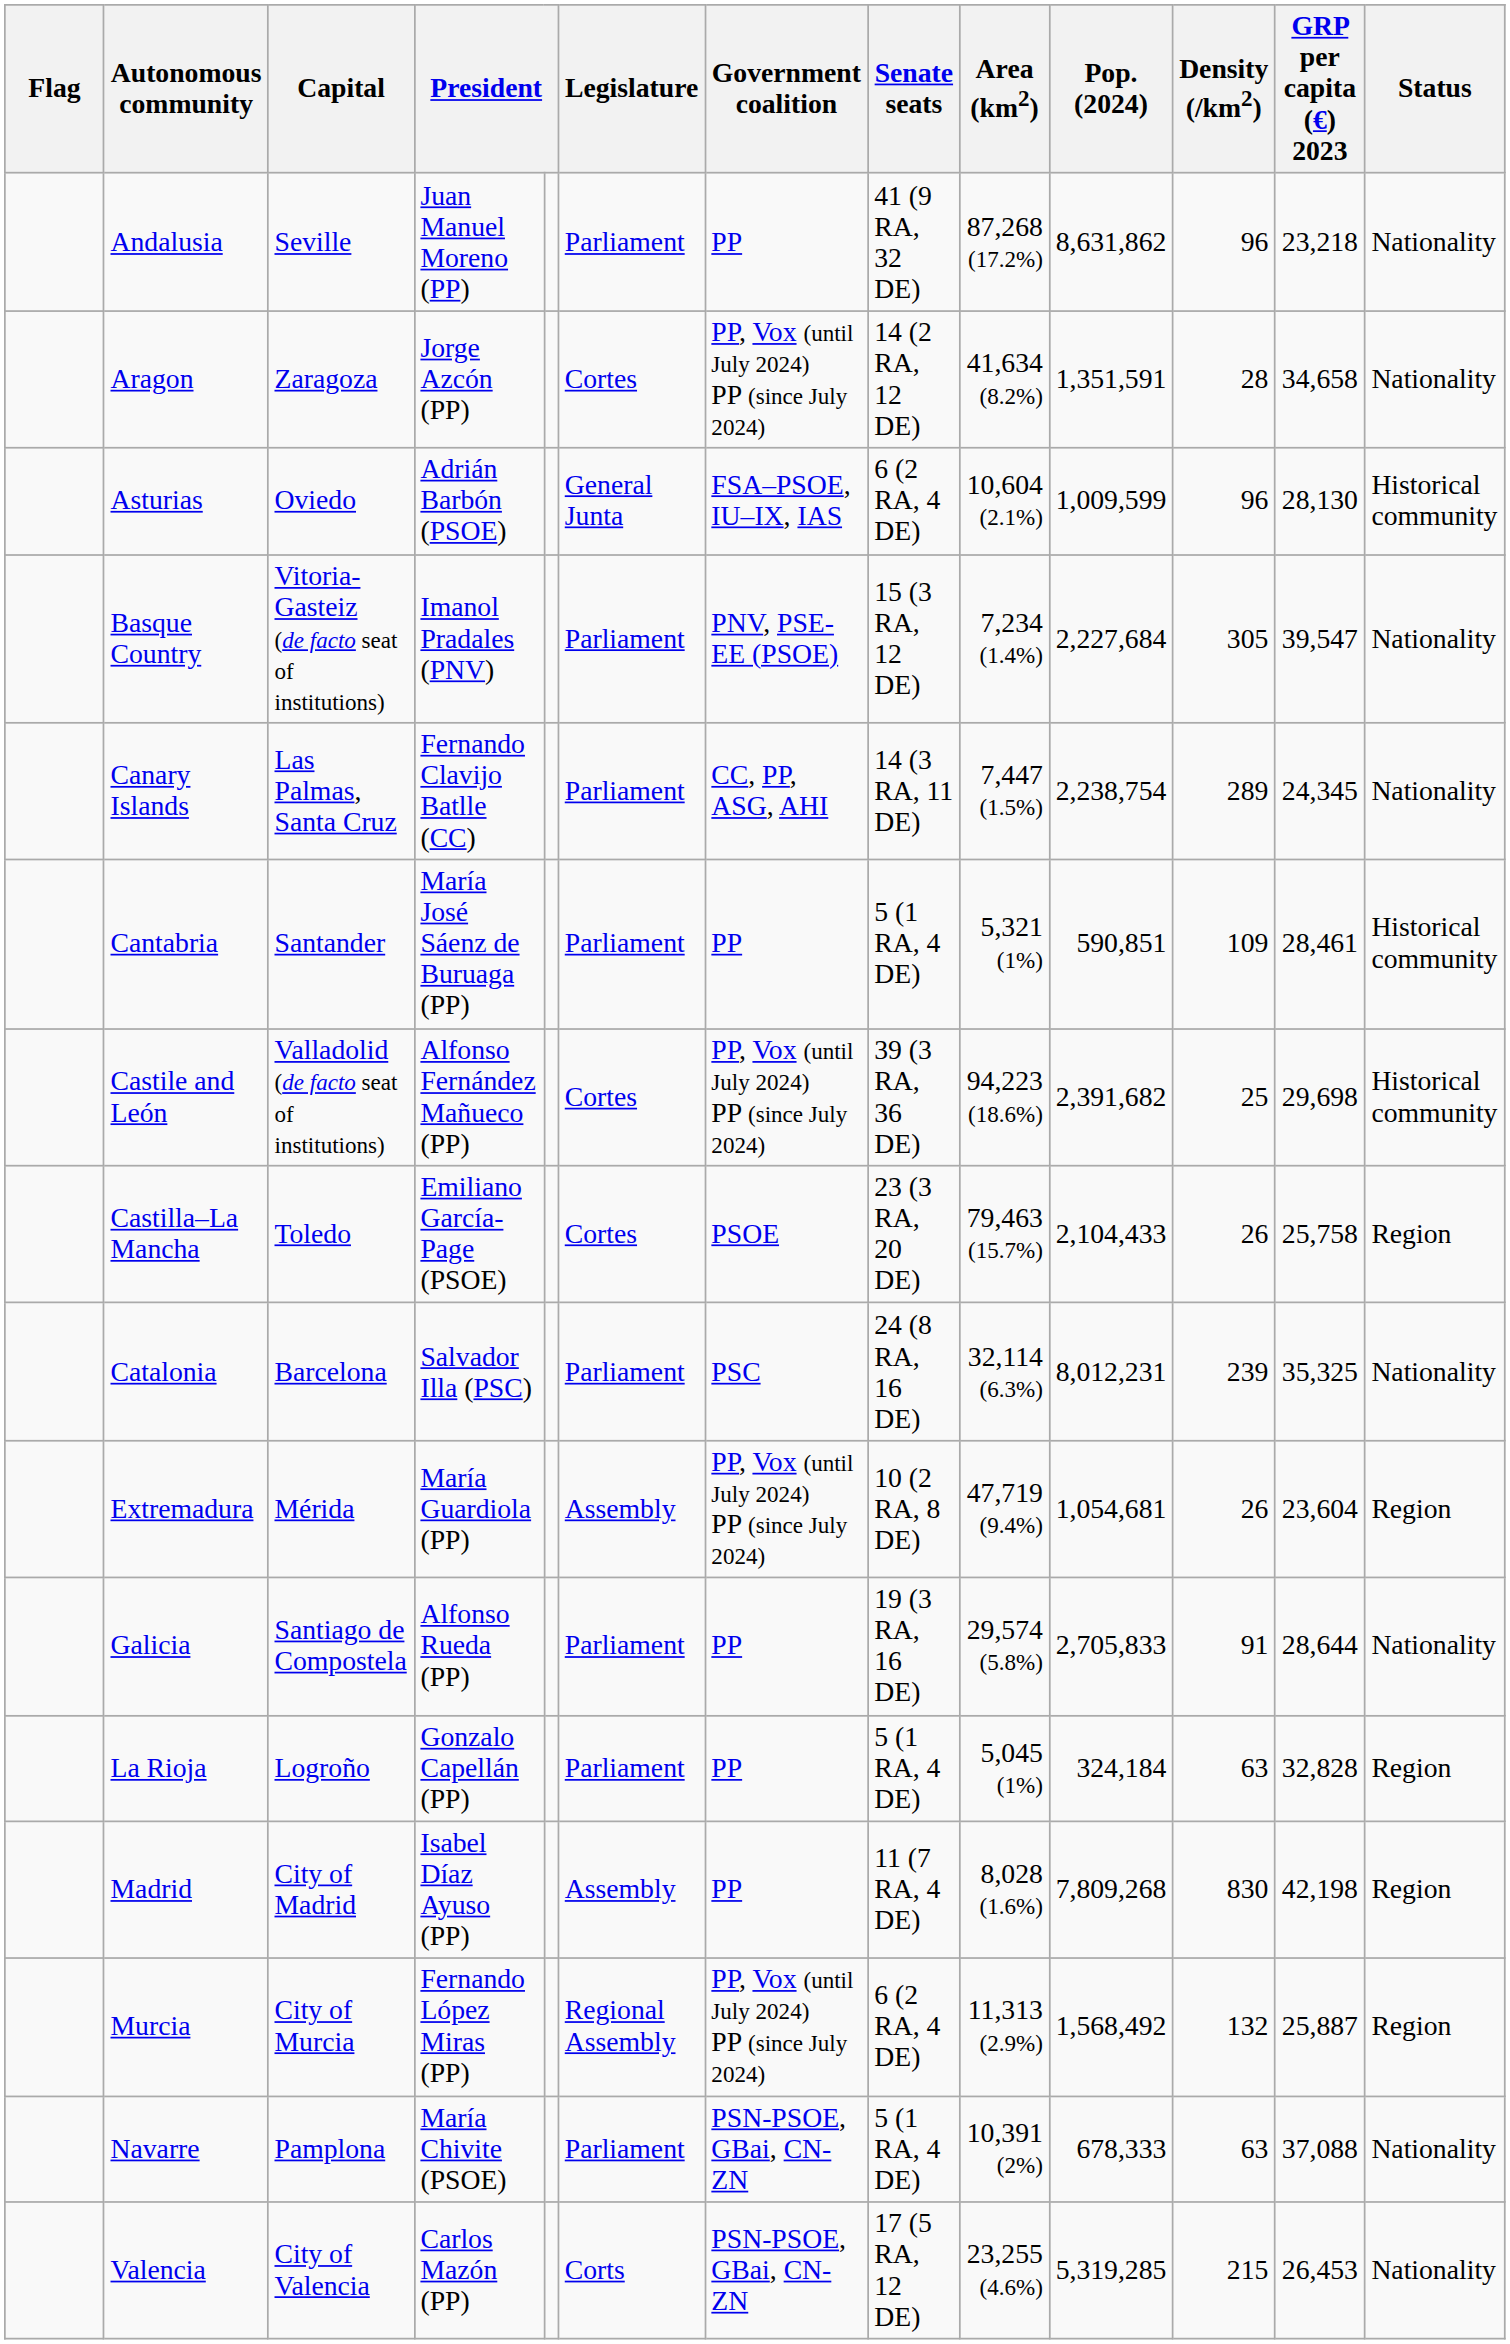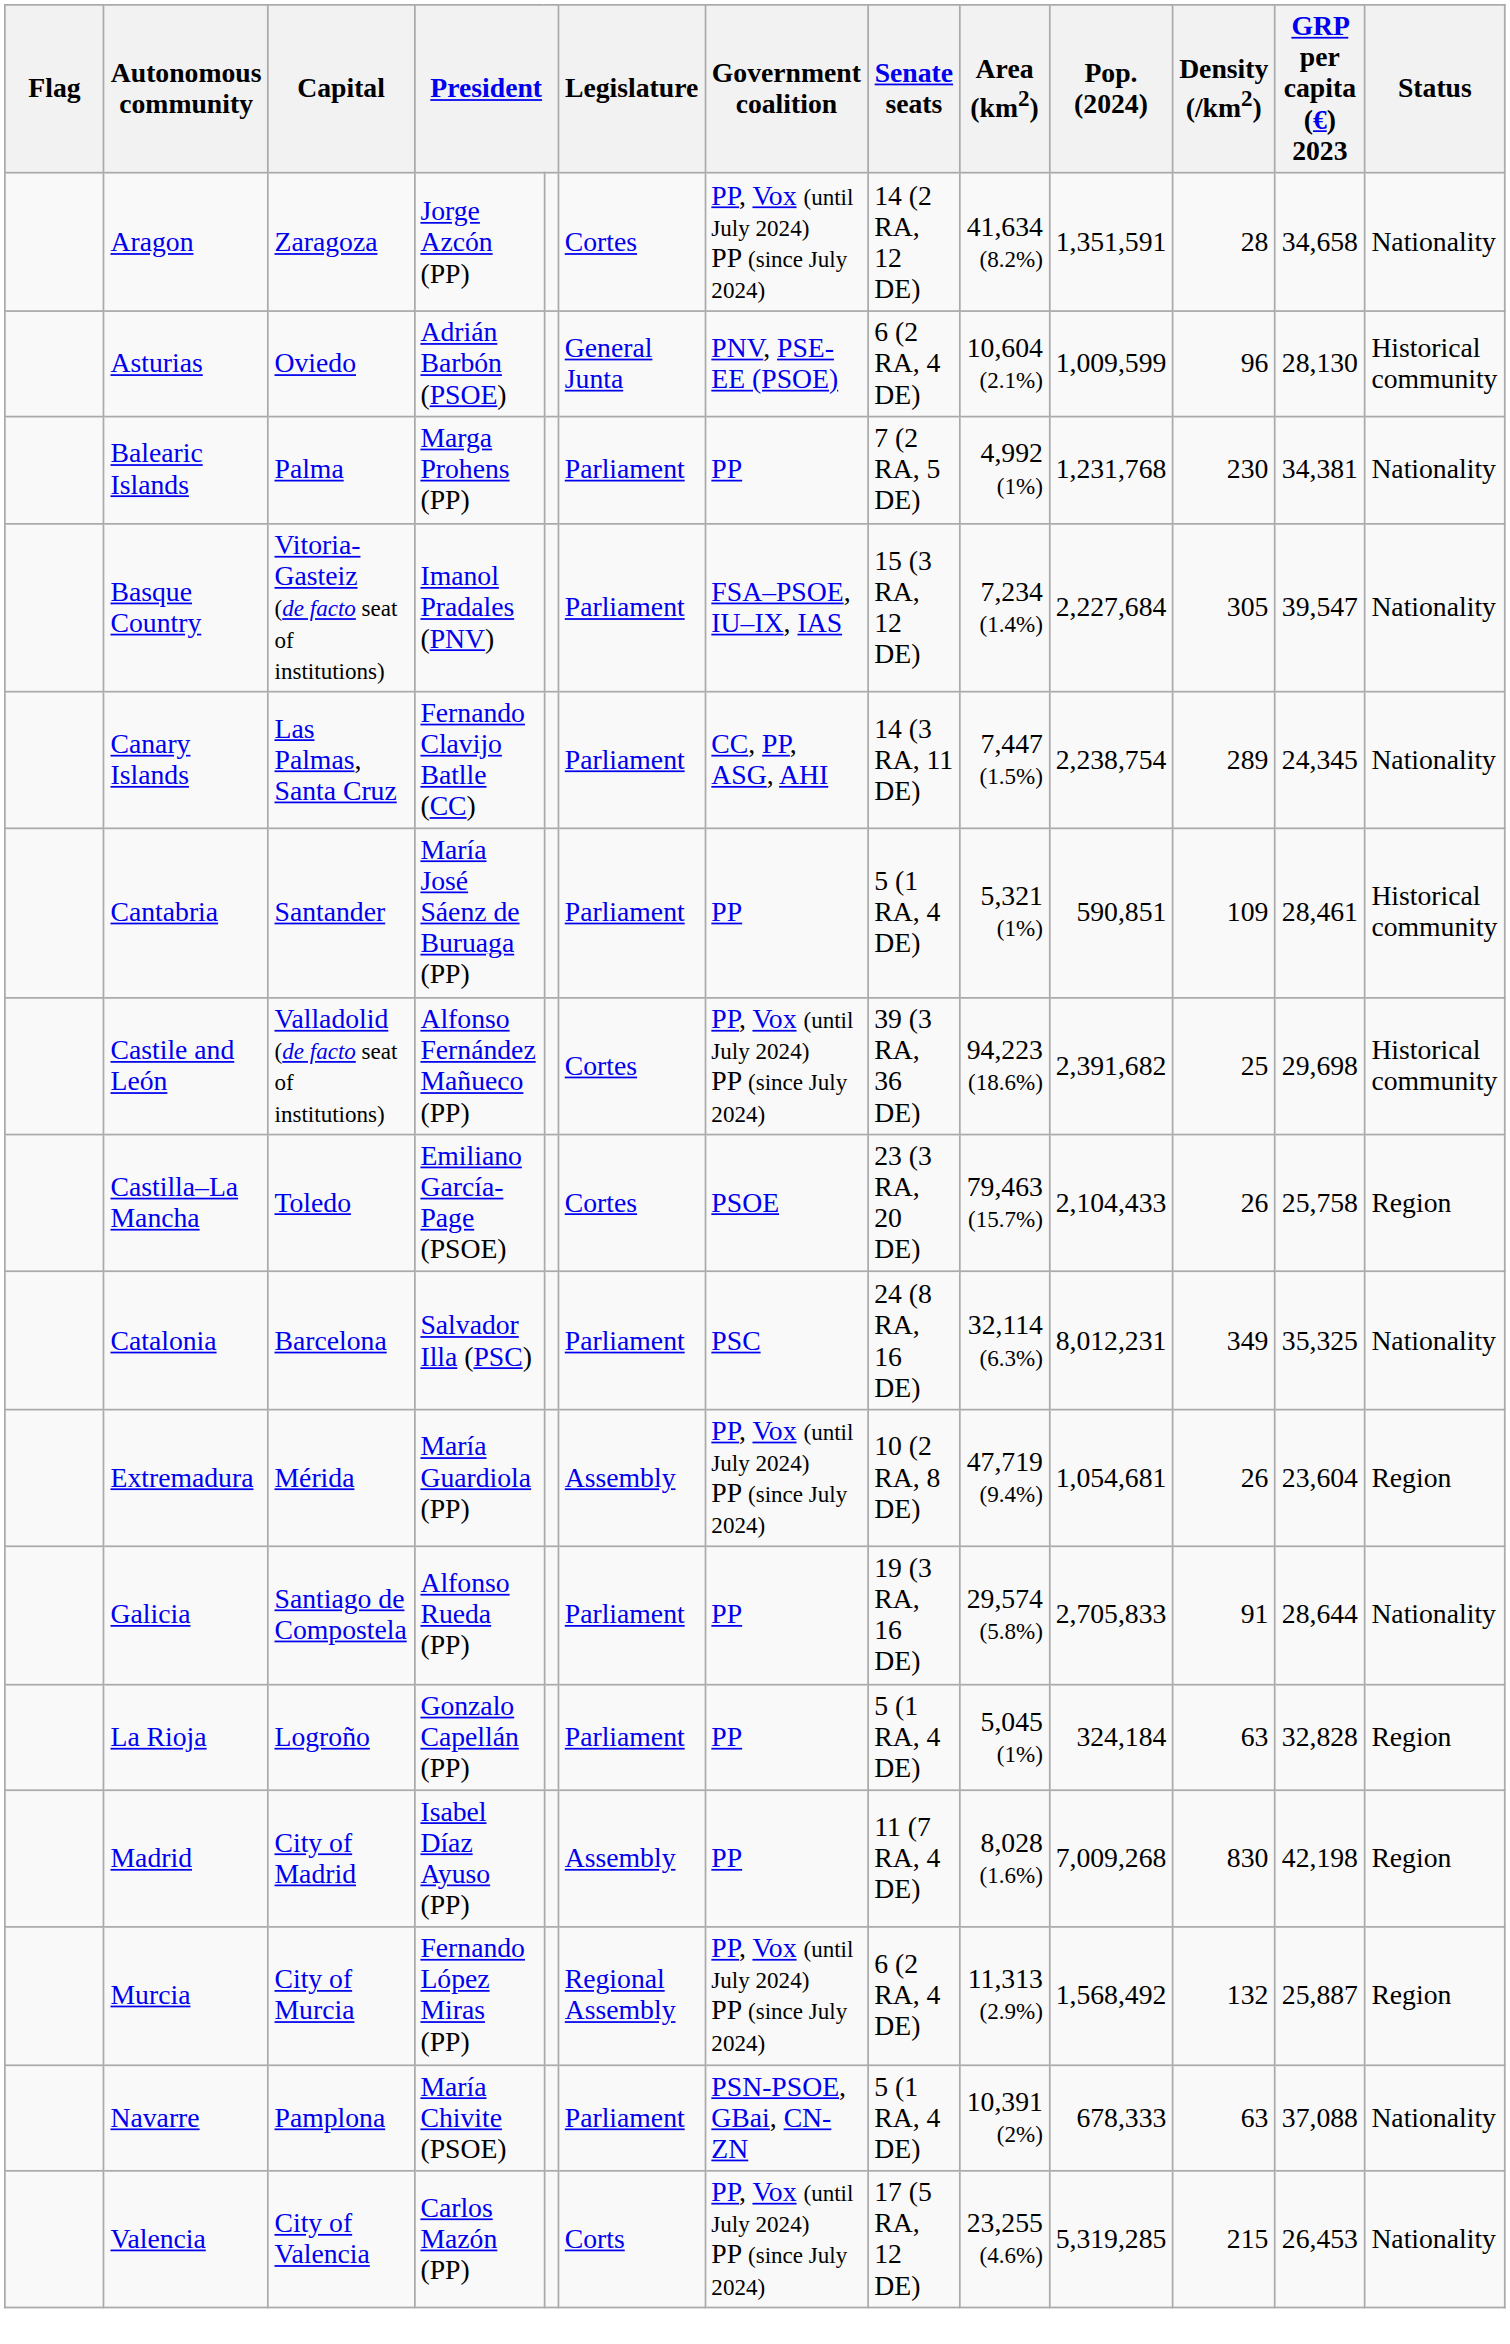 <table class="wikitable sortable mw-datatable">
 <tr>
 <th class="unsortable" style="width:50px">Flag</th>
 <th>Autonomous<br>community</th>
 <th>Capital</th>
 <th colspan="2"><a href='#'>President</a></th>
 <th>Legislature</th>
 <th>Government<br>coalition</th>
 <th><a href='#'>Senate</a><br>seats</th>
 <th>Area<br>(km<sup>2</sup>)</th>
 <th>Pop.<br>(2024)</th>
 <th>Density<br>(/km<sup>2</sup>)</th>
 <th><a href='#'>GRP</a> per capita (<a href='#'>€</a>) 2023</th>
 <th>Status</th>
-</tr>
-<tr>
-<td align="center"></td>
-<td><a href='#'>Andalusia</a></td>
-<td><a href='#'>Seville</a></td>
-<td><a href='#'>Juan Manuel Moreno</a> (<a href='#'>PP</a>)</td>
-<td width="1" style="color:inherit;background:"></td>
-<td><a href='#'>Parliament</a></td>
-<td><a href='#'>PP</a></td>
-<td>41 (9 RA, 32 DE)</td>
-<td align="right">87,268 <small>(17.2%)</small></td>
-<td align="right">8,631,862</td>
-<td align="right">96</td>
-<td align="center">23,218</td>
-<td>Nationality</td>
 </tr>
 <tr>
 <td align="center"></td>
 <td><a href='#'>Aragon</a></td>
 <td><a href='#'>Zaragoza</a></td>
 <td><a href='#'>Jorge Azcón</a> (PP)</td>
 <td width="1" style="color:inherit;background:"></td>
 <td><a href='#'>Cortes</a></td>
 <td><a href='#'>PP</a>, <a href='#'>Vox</a> <small>(until July 2024)</small><br>PP <small>(since July 2024)</small></td>
 <td>14 (2 RA, 12 DE)</td>
 <td align="right">41,634 <small>(8.2%)</small></td>
 <td style="text-align:right">1,351,591</td>
 <td align="right">28</td>
 <td align="center">34,658</td>
 <td>Nationality</td>
 </tr>
 <tr>
 <td align="center"></td>
 <td><a href='#'>Asturias</a></td>
 <td><a href='#'>Oviedo</a></td>
 <td><a href='#'>Adrián Barbón</a> (<a href='#'>PSOE</a>)</td>
 <td width="1" style="color:inherit;background:"></td>
 <td><a href='#'>General Junta</a></td>
-<td><a href='#'>FSA–PSOE</a>, <a href='#'>IU–IX</a>, <a href='#'>IAS</a></td>
+<td><a href='#'>PNV</a>, <a href='#'>PSE-EE (PSOE)</a></td>
 <td>6 (2 RA, 4 DE)</td>
 <td align="right">10,604 <small>(2.1%)</small></td>
 <td style="text-align:right">1,009,599</td>
 <td align="right">96</td>
 <td align="center">28,130</td>
 <td>Historical community</td>
 </tr>
 <tr>
 <td align="center"></td>
+<td><a href='#'>Balearic Islands</a></td>
+<td><a href='#'>Palma</a></td>
+<td><a href='#'>Marga Prohens</a> (PP)</td>
+<td width="1" style="color:inherit;background:"></td>
+<td><a href='#'>Parliament</a></td>
+<td><a href='#'>PP</a></td>
+<td>7 (2 RA, 5 DE)</td>
+<td align="right">4,992 <small>(1%)</small></td>
+<td style="text-align:right">1,231,768</td>
+<td align="right">230</td>
+<td align="center">34,381</td>
+<td>Nationality</td>
+</tr>
+<tr>
+<td align="center"></td>
 <td><a href='#'>Basque Country</a></td>
 <td><a href='#'>Vitoria-Gasteiz</a><br><small>(<em><a href='#'>de facto</a></em> seat of institutions)</small></td>
 <td><a href='#'>Imanol Pradales</a> (<a href='#'>PNV</a>)</td>
 <td width="1" style="color:inherit;background:"></td>
 <td><a href='#'>Parliament</a></td>
-<td><a href='#'>PNV</a>, <a href='#'>PSE-EE (PSOE)</a></td>
+<td><a href='#'>FSA–PSOE</a>, <a href='#'>IU–IX</a>, <a href='#'>IAS</a></td>
 <td>15 (3 RA, 12 DE)</td>
 <td align="right">7,234 <small>(1.4%)</small></td>
 <td style="text-align:right">2,227,684</td>
 <td align="right">305</td>
 <td align="center">39,547</td>
 <td>Nationality</td>
 </tr>
 <tr>
 <td align="center"></td>
 <td><a href='#'>Canary Islands</a></td>
 <td><a href='#'>Las Palmas</a>,<br><a href='#'>Santa Cruz</a></td>
 <td><a href='#'>Fernando Clavijo Batlle</a> (<a href='#'>CC</a>)</td>
 <td width="1" style="color:inherit;background:"></td>
 <td><a href='#'>Parliament</a></td>
 <td><a href='#'>CC</a>, <a href='#'>PP</a>, <a href='#'>ASG</a>, <a href='#'>AHI</a></td>
 <td>14 (3 RA, 11 DE)</td>
 <td align="right">7,447 <small>(1.5%)</small></td>
 <td style="text-align:right">2,238,754</td>
 <td align="right">289</td>
 <td align="center">24,345</td>
 <td>Nationality</td>
 </tr>
 <tr>
 <td align="center"></td>
 <td><a href='#'>Cantabria</a></td>
 <td><a href='#'>Santander</a></td>
 <td><a href='#'>María José Sáenz de Buruaga</a> (PP)</td>
 <td width="1" style="color:inherit;background:"></td>
 <td><a href='#'>Parliament</a></td>
 <td><a href='#'>PP</a></td>
 <td>5 (1 RA, 4 DE)</td>
 <td align="right">5,321 <small>(1%)</small></td>
 <td style="text-align:right">590,851</td>
 <td align="right">109</td>
 <td align="center">28,461</td>
 <td>Historical community</td>
 </tr>
 <tr>
 <td align="center"></td>
 <td><a href='#'>Castile and León</a></td>
 <td><a href='#'>Valladolid</a><br><small>(<em><a href='#'>de facto</a></em> seat of institutions)</small></td>
 <td><a href='#'>Alfonso Fernández Mañueco</a> (PP)</td>
 <td width="1" style="color:inherit;background:"></td>
 <td><a href='#'>Cortes</a></td>
 <td><a href='#'>PP</a>, <a href='#'>Vox</a> <small>(until July 2024)</small><br>PP <small>(since July 2024)</small></td>
 <td>39 (3 RA, 36 DE)</td>
 <td align="right">94,223 <small>(18.6%)</small></td>
 <td style="text-align:right">2,391,682</td>
 <td align="right">25</td>
 <td align="center">29,698</td>
 <td>Historical community</td>
 </tr>
 <tr>
 <td align="center"></td>
 <td><a href='#'>Castilla–La Mancha</a></td>
 <td><a href='#'>Toledo</a></td>
 <td><a href='#'>Emiliano García-Page</a> (PSOE)</td>
 <td width="1" style="color:inherit;background:"></td>
 <td><a href='#'>Cortes</a></td>
 <td><a href='#'>PSOE</a></td>
 <td>23 (3 RA, 20 DE)</td>
 <td align="right">79,463 <small>(15.7%)</small></td>
 <td style="text-align:right">2,104,433</td>
 <td align="right">26</td>
 <td align="center">25,758</td>
 <td>Region</td>
 </tr>
 <tr>
 <td align="center"></td>
 <td><a href='#'>Catalonia</a></td>
 <td><a href='#'>Barcelona</a></td>
 <td><a href='#'>Salvador Illa</a> (<a href='#'>PSC</a>)</td>
 <td width="1" style="color:inherit;background:"></td>
 <td><a href='#'>Parliament</a></td>
 <td><a href='#'>PSC</a></td>
 <td>24 (8 RA, 16 DE)</td>
 <td align="right">32,114 <small>(6.3%)</small></td>
 <td style="text-align:right">8,012,231</td>
-<td align="right">239</td>
+<td align="right">349</td>
 <td align="center">35,325</td>
 <td>Nationality</td>
 </tr>
 <tr>
 <td align="center"></td>
 <td><a href='#'>Extremadura</a></td>
 <td><a href='#'>Mérida</a></td>
 <td><a href='#'>María Guardiola</a> (PP)</td>
 <td width="1" style="color:inherit;background:"></td>
 <td><a href='#'>Assembly</a></td>
 <td><a href='#'>PP</a>, <a href='#'>Vox</a> <small>(until July 2024)</small><br>PP <small>(since July 2024)</small></td>
 <td>10 (2 RA, 8 DE)</td>
 <td align="right">47,719 <small>(9.4%)</small></td>
 <td style="text-align:right">1,054,681</td>
 <td align="right">26</td>
 <td align="center">23,604</td>
 <td>Region</td>
 </tr>
 <tr>
 <td align="center"></td>
 <td><a href='#'>Galicia</a></td>
 <td><a href='#'>Santiago de Compostela</a></td>
 <td><a href='#'>Alfonso Rueda</a> (PP)</td>
 <td width="1" style="color:inherit;background:"></td>
 <td><a href='#'>Parliament</a></td>
 <td><a href='#'>PP</a></td>
 <td>19 (3 RA, 16 DE)</td>
 <td align="right">29,574 <small>(5.8%)</small></td>
 <td style="text-align:right">2,705,833</td>
 <td align="right">91</td>
 <td align="center">28,644</td>
 <td>Nationality</td>
 </tr>
 <tr>
 <td align="center"></td>
 <td><a href='#'>La Rioja</a></td>
 <td><a href='#'>Logroño</a></td>
 <td><a href='#'>Gonzalo Capellán</a> (PP)</td>
 <td width="1" style="color:inherit;background:"></td>
 <td><a href='#'>Parliament</a></td>
 <td><a href='#'>PP</a></td>
 <td>5 (1 RA, 4 DE)</td>
 <td align="right">5,045 <small>(1%)</small></td>
 <td style="text-align:right">324,184</td>
 <td align="right">63</td>
 <td align="center">32,828</td>
 <td>Region</td>
 </tr>
 <tr>
 <td align="center"></td>
 <td><a href='#'>Madrid</a></td>
 <td><a href='#'>City of Madrid</a></td>
 <td><a href='#'>Isabel Díaz Ayuso</a> (PP)</td>
 <td width="1" style="color:inherit;background:"></td>
 <td><a href='#'>Assembly</a></td>
 <td><a href='#'>PP</a></td>
 <td>11 (7 RA, 4 DE)</td>
 <td align="right">8,028 <small>(1.6%)</small></td>
-<td style="text-align:right">7,809,268</td>
+<td style="text-align:right">7,009,268</td>
 <td align="right">830</td>
 <td align="center">42,198</td>
 <td>Region</td>
 </tr>
 <tr>
 <td align="center"></td>
 <td><a href='#'>Murcia</a></td>
 <td><a href='#'>City of Murcia</a></td>
 <td><a href='#'>Fernando López Miras</a> (PP)</td>
 <td width="1" style="color:inherit;background:"></td>
 <td><a href='#'>Regional Assembly</a></td>
 <td><a href='#'>PP</a>, <a href='#'>Vox</a> <small>(until July 2024)</small><br>PP <small>(since July 2024)</small></td>
 <td>6 (2 RA, 4 DE)</td>
 <td align="right">11,313 <small>(2.9%)</small></td>
 <td style="text-align:right">1,568,492</td>
 <td align="right">132</td>
 <td align="center">25,887</td>
 <td>Region</td>
 </tr>
 <tr>
 <td align="center"></td>
 <td><a href='#'>Navarre</a></td>
 <td><a href='#'>Pamplona</a></td>
 <td><a href='#'>María Chivite</a> (PSOE)</td>
 <td width="1" style="color:inherit;background:"></td>
 <td><a href='#'>Parliament</a></td>
 <td><a href='#'>PSN-PSOE</a>, <a href='#'>GBai</a>, <a href='#'>CN-ZN</a></td>
 <td>5 (1 RA, 4 DE)</td>
 <td align="right">10,391 <small>(2%)</small></td>
 <td style="text-align:right">678,333</td>
 <td align="right">63</td>
 <td align="center">37,088</td>
 <td>Nationality</td>
 </tr>
 <tr>
 <td align="center"></td>
 <td><a href='#'>Valencia</a></td>
 <td><a href='#'>City of Valencia</a></td>
 <td><a href='#'>Carlos Mazón</a> (PP)</td>
 <td width="1" style="color:inherit;background:"></td>
 <td><a href='#'>Corts</a></td>
-<td><a href='#'>PSN-PSOE</a>, <a href='#'>GBai</a>, <a href='#'>CN-ZN</a></td>
+<td><a href='#'>PP</a>, <a href='#'>Vox</a> <small>(until July 2024)</small><br>PP <small>(since July 2024)</small></td>
 <td>17 (5 RA, 12 DE)</td>
 <td align="right">23,255 <small>(4.6%)</small></td>
 <td style="text-align:right">5,319,285</td>
 <td align="right">215</td>
 <td align="center">26,453</td>
 <td>Nationality</td>
 </tr>
 </table>
